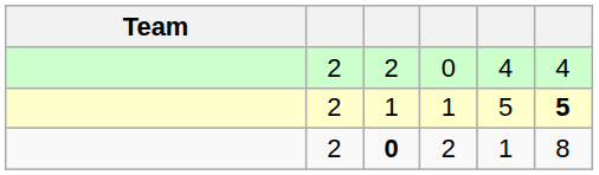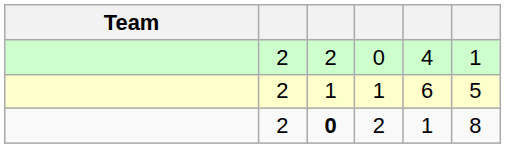 <table class="wikitable" style="text-align: center; font-size:90% ">
 <tr>
 <th width=160>Team</th>
 <th width=25></th>
 <th width=25></th>
 <th width=25></th>
 <th width=25></th>
 <th width=25></th>
 </tr>
 <tr bgcolor="ccffcc">
 <td align=left></td>
 <td>2</td>
 <td>2</td>
 <td>0</td>
 <td>4</td>
-<td>4</td>
+<td>1</td>
 </tr>
 <tr bgcolor="ffffcc">
 <td align=left></td>
 <td>2</td>
 <td>1</td>
 <td>1</td>
+<td>6</td>
 <td>5</td>
-<td><strong>5</strong></td>
 </tr>
 <tr>
 <td align=left></td>
 <td>2</td>
 <td><strong>0</strong></td>
 <td>2</td>
 <td>1</td>
 <td>8</td>
 </tr>
 </table>
